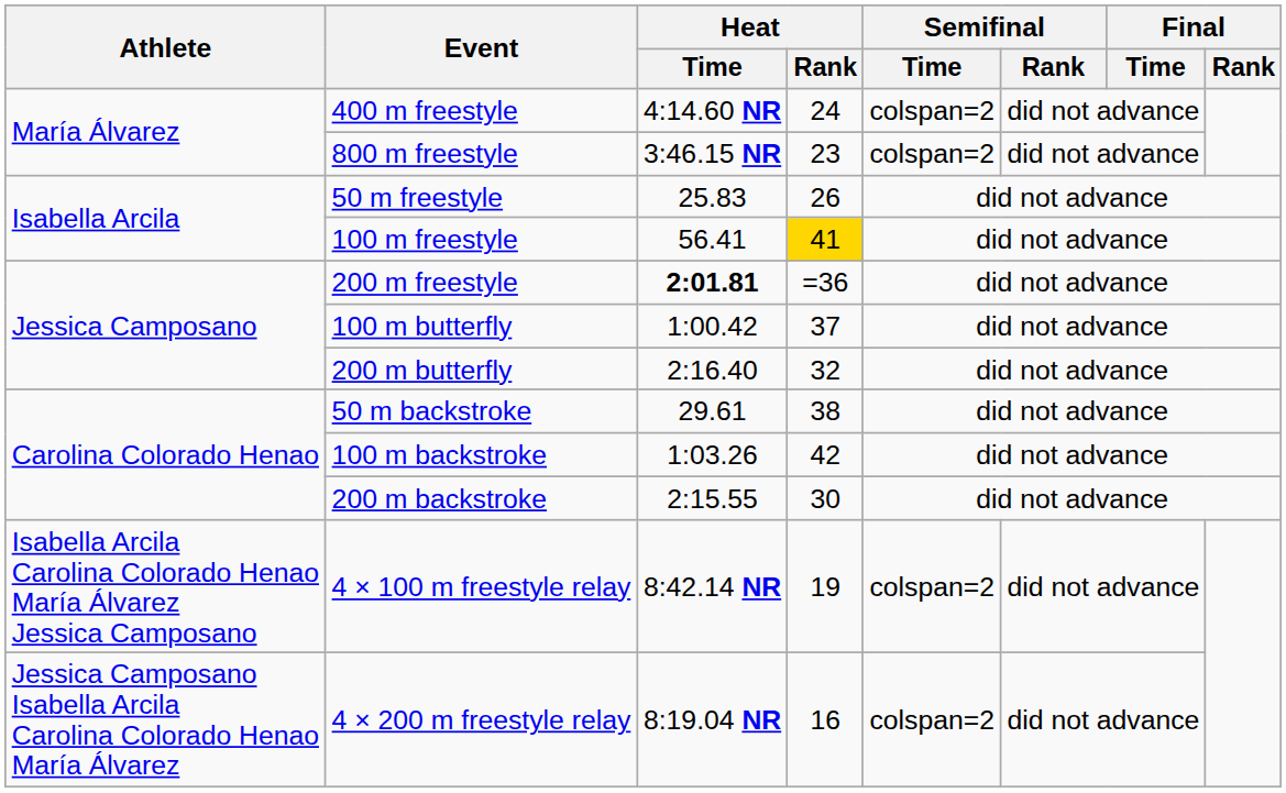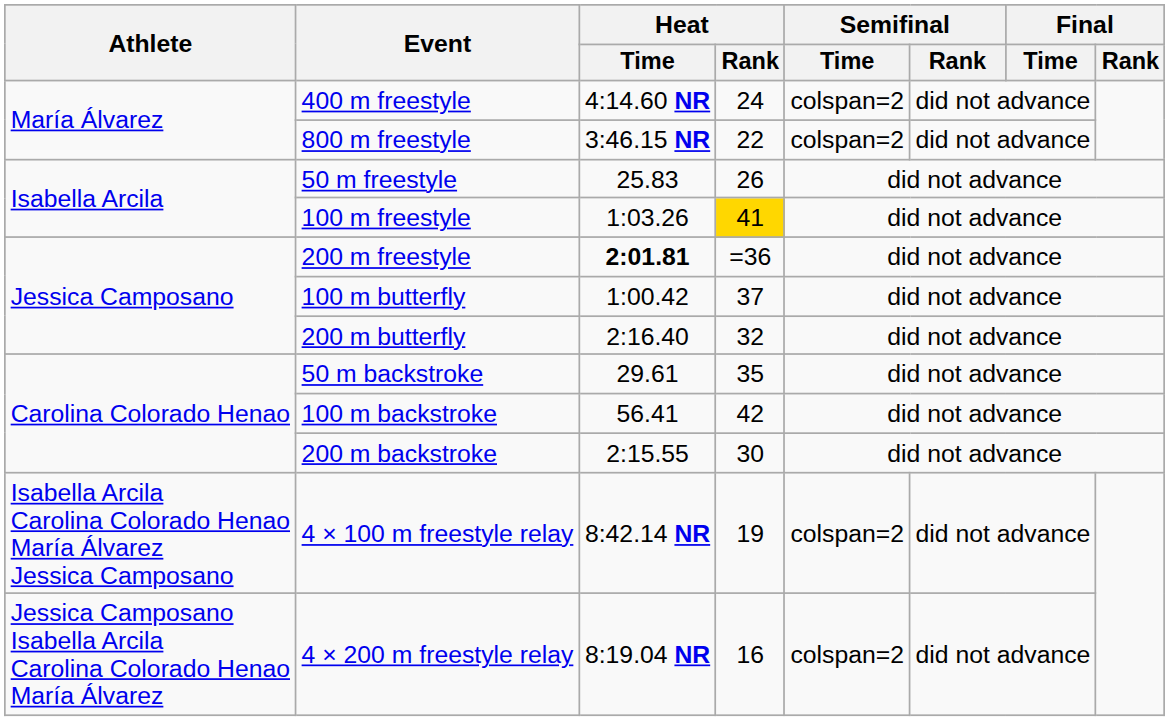 <table class=wikitable style="font-size:90%">
 <tr>
 <th rowspan="2">Athlete</th>
 <th rowspan="2">Event</th>
 <th colspan="2">Heat</th>
 <th colspan="2">Semifinal</th>
 <th colspan="2">Final</th>
 </tr>
 <tr style="font-size:95%">
 <th>Time</th>
 <th>Rank</th>
 <th>Time</th>
 <th>Rank</th>
 <th>Time</th>
 <th>Rank</th>
 </tr>
 <tr align=center>
 <td align=left rowspan=2><a href='#'>María Álvarez</a></td>
 <td align=left><a href='#'>400 m freestyle</a></td>
 <td>4:14.60 <strong><a href='#'>NR</a></strong></td>
 <td>24</td>
 <td>colspan=2 </td>
 <td colspan=2>did not advance</td>
 </tr>
 <tr align=center>
 <td align=left><a href='#'>800 m freestyle</a></td>
 <td>3:46.15 <strong><a href='#'>NR</a></strong></td>
-<td>23</td>
+<td>22</td>
 <td>colspan=2 </td>
 <td colspan=2>did not advance</td>
 </tr>
 <tr align=center>
 <td align=left rowspan=2><a href='#'>Isabella Arcila</a></td>
 <td align=left><a href='#'>50 m freestyle</a></td>
 <td>25.83</td>
 <td>26</td>
 <td colspan=4>did not advance</td>
 </tr>
 <tr align=center>
 <td align=left><a href='#'>100 m freestyle</a></td>
-<td>56.41</td>
+<td>1:03.26</td>
 <td style="background: gold;">41</td>
 <td colspan=4>did not advance</td>
 </tr>
 <tr align=center>
 <td align=left rowspan=3><a href='#'>Jessica Camposano</a></td>
 <td align=left><a href='#'>200 m freestyle</a></td>
 <td><strong>2:01.81</strong></td>
 <td>=36</td>
 <td colspan=4>did not advance</td>
 </tr>
 <tr align=center>
 <td align=left><a href='#'>100 m butterfly</a></td>
 <td>1:00.42</td>
 <td>37</td>
 <td colspan=4>did not advance</td>
 </tr>
 <tr align=center>
 <td align=left><a href='#'>200 m butterfly</a></td>
 <td>2:16.40</td>
 <td>32</td>
 <td colspan=4>did not advance</td>
 </tr>
 <tr align=center>
 <td align=left rowspan=3><a href='#'>Carolina Colorado Henao</a></td>
 <td align=left><a href='#'>50 m backstroke</a></td>
 <td>29.61</td>
-<td>38</td>
+<td>35</td>
 <td colspan=4>did not advance</td>
 </tr>
 <tr align=center>
 <td align=left><a href='#'>100 m backstroke</a></td>
-<td>1:03.26</td>
+<td>56.41</td>
 <td>42</td>
 <td colspan=4>did not advance</td>
 </tr>
 <tr align=center>
 <td align=left><a href='#'>200 m backstroke</a></td>
 <td>2:15.55</td>
 <td>30</td>
 <td colspan=4>did not advance</td>
 </tr>
 <tr align=center>
 <td align=left><a href='#'>Isabella Arcila</a><br><a href='#'>Carolina Colorado Henao</a><br><a href='#'>María Álvarez</a><br><a href='#'>Jessica Camposano</a></td>
 <td align=left><a href='#'>4 × 100 m freestyle relay</a></td>
 <td>8:42.14 <strong><a href='#'>NR</a></strong></td>
 <td>19</td>
 <td>colspan=2 </td>
 <td colspan=2>did not advance</td>
 </tr>
 <tr align=center>
 <td align=left><a href='#'>Jessica Camposano</a><br><a href='#'>Isabella Arcila</a><br><a href='#'>Carolina Colorado Henao</a><br><a href='#'>María Álvarez</a></td>
 <td align=left><a href='#'>4 × 200 m freestyle relay</a></td>
 <td>8:19.04 <strong><a href='#'>NR</a></strong></td>
 <td>16</td>
 <td>colspan=2 </td>
 <td colspan=2>did not advance</td>
 </tr>
 </table>
